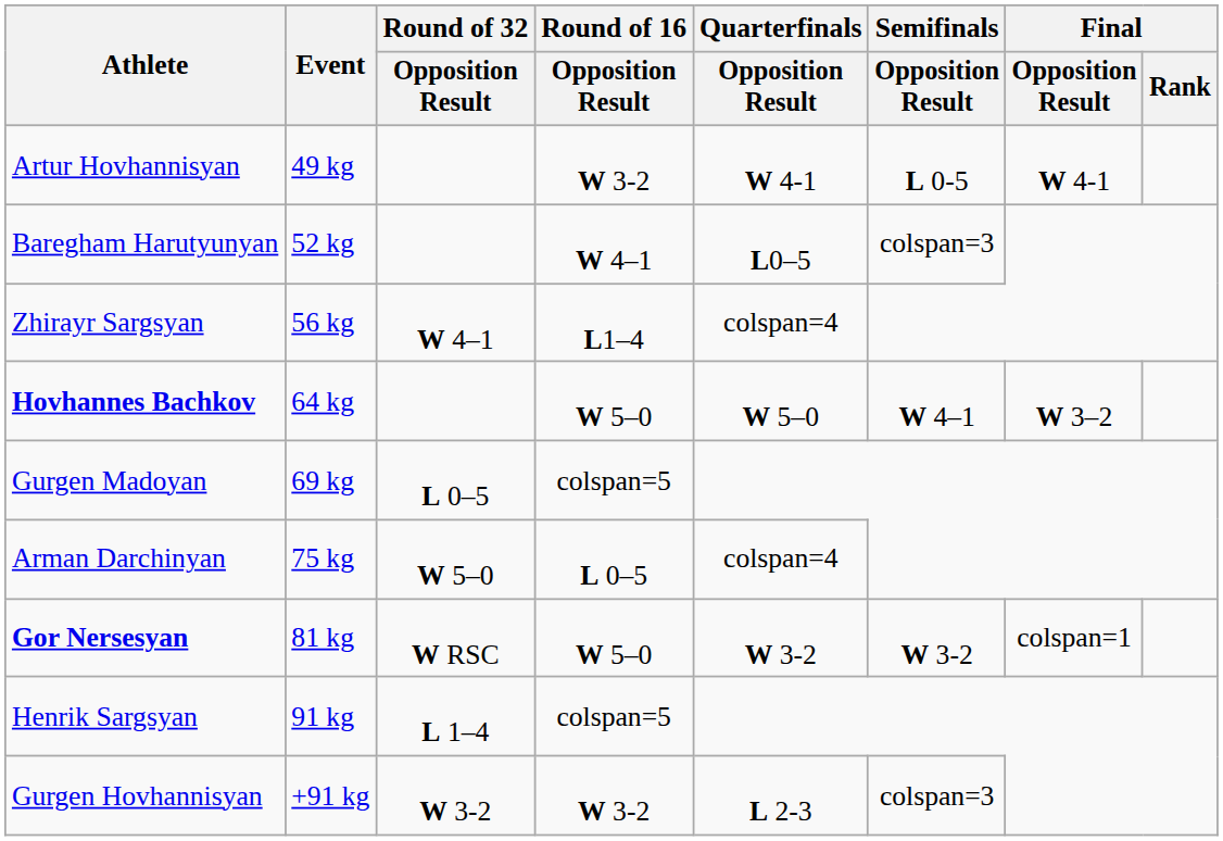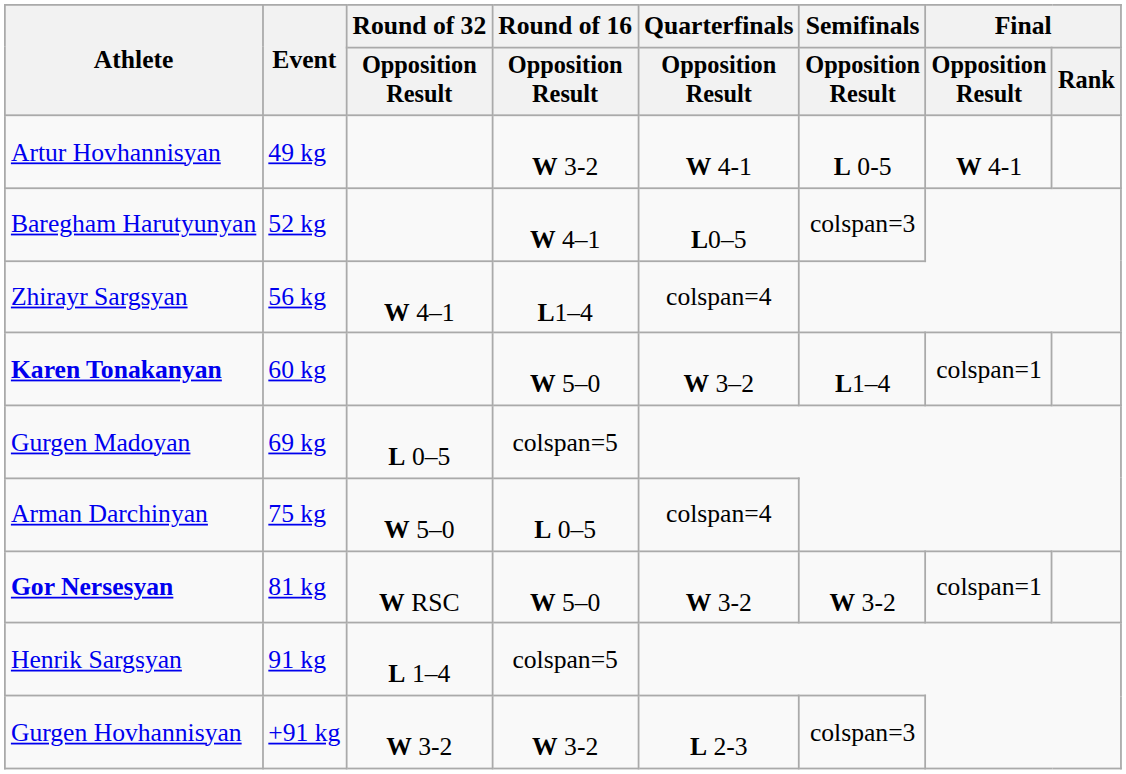 <table class="wikitable" style="font-size:90%">
 <tr>
 <th rowspan="2">Athlete</th>
 <th rowspan="2">Event</th>
 <th>Round of 32</th>
 <th>Round of 16</th>
 <th>Quarterfinals</th>
 <th>Semifinals</th>
 <th colspan=2>Final</th>
 </tr>
 <tr style="font-size:95%">
 <th>Opposition<br>Result</th>
 <th>Opposition<br>Result</th>
 <th>Opposition<br>Result</th>
 <th>Opposition<br>Result</th>
 <th>Opposition<br>Result</th>
 <th>Rank</th>
 </tr>
 <tr align=center>
 <td align=left><a href='#'>Artur Hovhannisyan</a></td>
 <td align=left><a href='#'>49 kg</a></td>
 <td></td>
 <td><br><strong>W</strong> 3-2</td>
 <td><br><strong>W</strong> 4-1</td>
 <td><br><strong>L</strong> 0-5</td>
 <td><br><strong>W</strong> 4-1</td>
 <td></td>
 </tr>
 <tr align=center>
 <td align=left><a href='#'>Baregham Harutyunyan</a></td>
 <td align=left><a href='#'>52 kg</a></td>
 <td></td>
 <td><br><strong>W</strong> 4–1</td>
 <td><br><strong>L</strong>0–5</td>
 <td>colspan=3 </td>
 </tr>
 <tr align=center>
 <td align=left><a href='#'>Zhirayr Sargsyan</a></td>
 <td align=left><a href='#'>56 kg</a></td>
 <td><br><strong>W</strong> 4–1</td>
 <td><br><strong>L</strong>1–4</td>
 <td>colspan=4 </td>
 </tr>
 <tr align=center>
-<td align=left><strong><a href='#'>Hovhannes Bachkov</a></strong></td>
-<td align=left><a href='#'>64 kg</a></td>
+<td align=left><strong><a href='#'>Karen Tonakanyan</a></strong></td>
+<td align=left><a href='#'>60 kg</a></td>
 <td></td>
 <td><br><strong>W</strong> 5–0</td>
-<td><br><strong>W</strong> 5–0</td>
-<td><br><strong>W</strong> 4–1</td>
 <td><br><strong>W</strong> 3–2</td>
+<td><br><strong>L</strong>1–4</td>
+<td>colspan=1 </td>
 <td></td>
 </tr>
 <tr align=center>
 <td align=left><a href='#'>Gurgen Madoyan</a></td>
 <td align=left><a href='#'>69 kg</a></td>
 <td><br><strong>L</strong> 0–5</td>
 <td>colspan=5 </td>
 </tr>
 <tr align=center>
 <td align=left><a href='#'>Arman Darchinyan</a></td>
 <td align=left><a href='#'>75 kg</a></td>
 <td><br><strong>W</strong> 5–0</td>
 <td><br><strong>L</strong> 0–5</td>
 <td>colspan=4 </td>
 </tr>
 <tr align=center>
 <td align=left><strong><a href='#'>Gor Nersesyan</a></strong></td>
 <td align=left><a href='#'>81 kg</a></td>
 <td><br><strong>W</strong> RSC</td>
 <td><br><strong>W</strong> 5–0</td>
 <td><br><strong>W</strong> 3-2</td>
 <td><br><strong>W</strong> 3-2</td>
 <td>colspan=1 </td>
 <td></td>
 </tr>
 <tr align=center>
 <td align=left><a href='#'>Henrik Sargsyan</a></td>
 <td align=left><a href='#'>91 kg</a></td>
 <td><br><strong>L</strong> 1–4</td>
 <td>colspan=5 </td>
 </tr>
 <tr align=center>
 <td align=left><a href='#'>Gurgen Hovhannisyan</a></td>
 <td align=left><a href='#'>+91 kg</a></td>
 <td><br><strong>W</strong> 3-2</td>
 <td><br><strong>W</strong> 3-2</td>
 <td><br><strong>L</strong> 2-3</td>
 <td>colspan=3 </td>
 </tr>
 </table>
